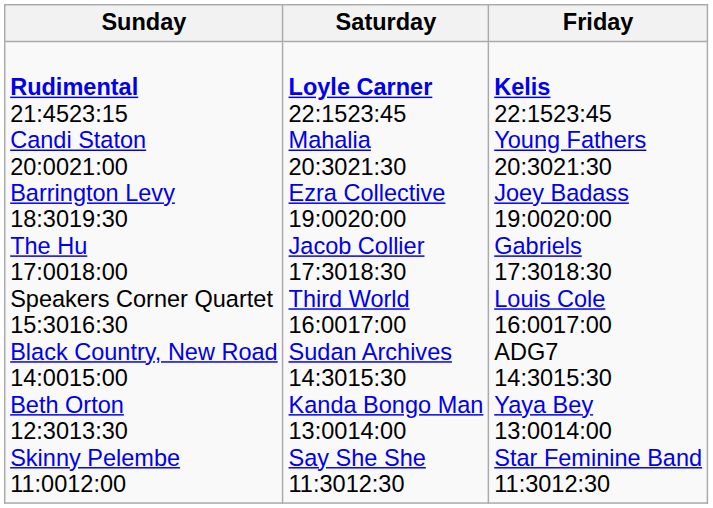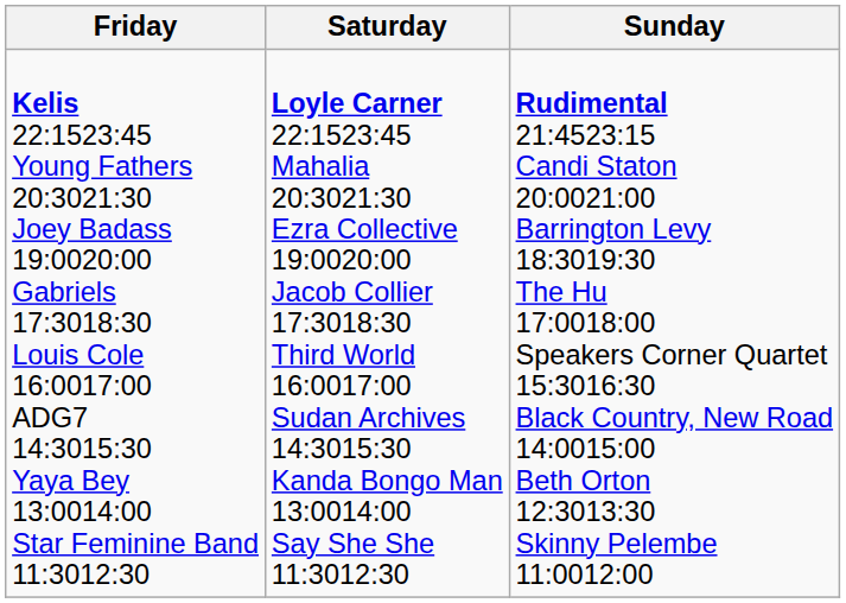 <table class="wikitable">
 <tr>
+<th>Friday</th>
+<th>Saturday</th>
 <th>Sunday</th>
-<th>Saturday</th>
-<th>Friday</th>
 </tr>
 <tr valign="top">
+<td><br><strong><a href='#'>Kelis</a></strong> <br>22:1523:45 <br><a href='#'>Young Fathers</a> <br>20:3021:30 <br><a href='#'>Joey Badass</a> <br>19:0020:00 <br><a href='#'>Gabriels</a> <br>17:3018:30 <br><a href='#'>Louis Cole</a> <br>16:0017:00 <br>ADG7 <br>14:3015:30 <br><a href='#'>Yaya Bey</a> <br>13:0014:00 <br><a href='#'>Star Feminine Band</a> <br>11:3012:30</td>
+<td><br><strong><a href='#'>Loyle Carner</a></strong> <br>22:1523:45 <br><a href='#'>Mahalia</a> <br>20:3021:30 <br><a href='#'>Ezra Collective</a> <br>19:0020:00 <br><a href='#'>Jacob Collier</a> <br>17:3018:30 <br><a href='#'>Third World</a> <br>16:0017:00 <br><a href='#'>Sudan Archives</a> <br>14:3015:30 <br><a href='#'>Kanda Bongo Man</a> <br>13:0014:00 <br><a href='#'>Say She She</a> <br>11:3012:30</td>
 <td><br><strong><a href='#'>Rudimental</a></strong> <br>21:4523:15 <br><a href='#'>Candi Staton</a> <br>20:0021:00 <br><a href='#'>Barrington Levy</a> <br>18:3019:30 <br><a href='#'>The Hu</a> <br>17:0018:00 <br>Speakers Corner Quartet <br>15:3016:30 <br><a href='#'>Black Country, New Road</a> <br>14:0015:00 <br><a href='#'>Beth Orton</a> <br>12:3013:30 <br><a href='#'>Skinny Pelembe</a> <br>11:0012:00</td>
-<td><br><strong><a href='#'>Loyle Carner</a></strong> <br>22:1523:45 <br><a href='#'>Mahalia</a> <br>20:3021:30 <br><a href='#'>Ezra Collective</a> <br>19:0020:00 <br><a href='#'>Jacob Collier</a> <br>17:3018:30 <br><a href='#'>Third World</a> <br>16:0017:00 <br><a href='#'>Sudan Archives</a> <br>14:3015:30 <br><a href='#'>Kanda Bongo Man</a> <br>13:0014:00 <br><a href='#'>Say She She</a> <br>11:3012:30</td>
-<td><br><strong><a href='#'>Kelis</a></strong> <br>22:1523:45 <br><a href='#'>Young Fathers</a> <br>20:3021:30 <br><a href='#'>Joey Badass</a> <br>19:0020:00 <br><a href='#'>Gabriels</a> <br>17:3018:30 <br><a href='#'>Louis Cole</a> <br>16:0017:00 <br>ADG7 <br>14:3015:30 <br><a href='#'>Yaya Bey</a> <br>13:0014:00 <br><a href='#'>Star Feminine Band</a> <br>11:3012:30</td>
 </tr>
 </table>
